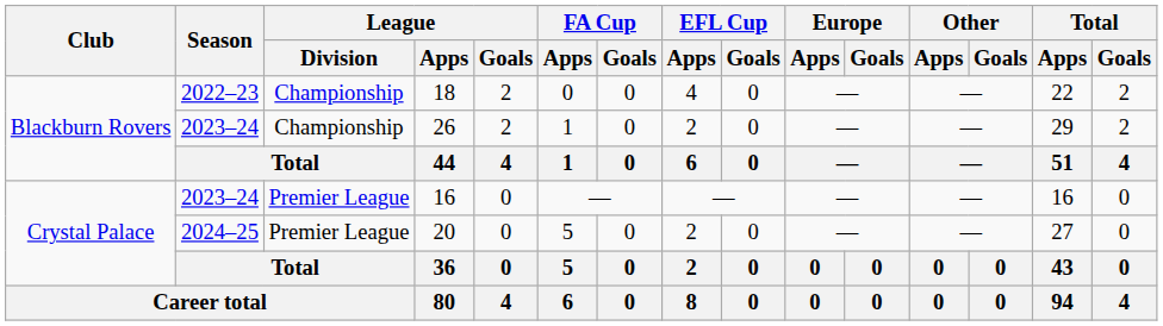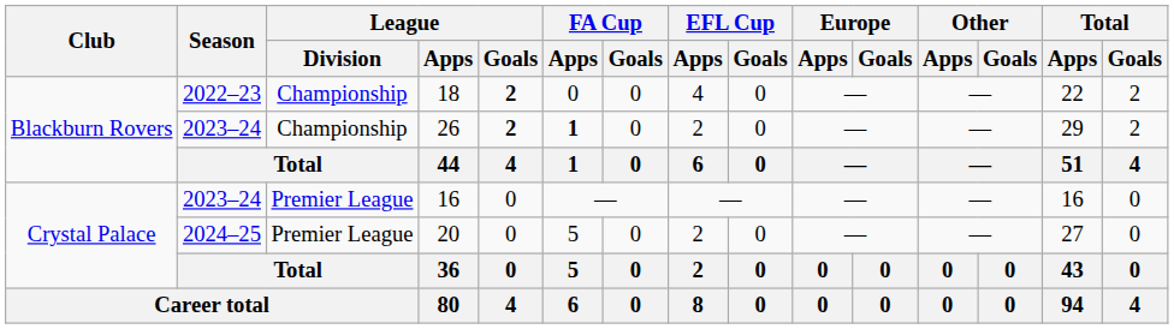 <table class="wikitable" style="text-align:center">
 <tr>
 <th rowspan="2">Club</th>
 <th rowspan="2">Season</th>
 <th colspan="3">League</th>
 <th colspan="2"><a href='#'>FA Cup</a></th>
 <th colspan="2"><a href='#'>EFL Cup</a></th>
 <th colspan="2">Europe</th>
 <th colspan="2">Other</th>
 <th colspan="2">Total</th>
 </tr>
 <tr>
 <th>Division</th>
 <th>Apps</th>
 <th>Goals</th>
 <th>Apps</th>
 <th>Goals</th>
 <th>Apps</th>
 <th>Goals</th>
 <th>Apps</th>
 <th>Goals</th>
 <th>Apps</th>
 <th>Goals</th>
 <th>Apps</th>
 <th>Goals</th>
 </tr>
 <tr>
 <td rowspan="3"><a href='#'>Blackburn Rovers</a></td>
 <td><a href='#'>2022–23</a></td>
 <td><a href='#'>Championship</a></td>
 <td>18</td>
-<td>2</td>
+<td><strong>2</strong></td>
 <td>0</td>
 <td>0</td>
 <td>4</td>
 <td>0</td>
 <td colspan="2">—</td>
 <td colspan="2">—</td>
 <td>22</td>
 <td>2</td>
 </tr>
 <tr>
 <td><a href='#'>2023–24</a></td>
 <td>Championship</td>
 <td>26</td>
-<td>2</td>
-<td>1</td>
+<td><strong>2</strong></td>
+<td><strong>1</strong></td>
 <td>0</td>
 <td>2</td>
 <td>0</td>
 <td colspan="2">—</td>
 <td colspan="2">—</td>
 <td>29</td>
 <td>2</td>
 </tr>
 <tr>
 <th colspan="2">Total</th>
 <th>44</th>
 <th>4</th>
 <th>1</th>
 <th>0</th>
 <th>6</th>
 <th>0</th>
 <th colspan="2">—</th>
 <th colspan="2">—</th>
 <th>51</th>
 <th>4</th>
 </tr>
 <tr>
 <td rowspan="3"><a href='#'>Crystal Palace</a></td>
 <td><a href='#'>2023–24</a></td>
 <td><a href='#'>Premier League</a></td>
 <td>16</td>
 <td>0</td>
 <td colspan="2">—</td>
 <td colspan="2">—</td>
 <td colspan="2">—</td>
 <td colspan="2">—</td>
 <td>16</td>
 <td>0</td>
 </tr>
 <tr>
 <td><a href='#'>2024–25</a></td>
 <td>Premier League</td>
 <td>20</td>
 <td>0</td>
 <td>5</td>
 <td>0</td>
 <td>2</td>
 <td>0</td>
 <td colspan="2">—</td>
 <td colspan="2">—</td>
 <td>27</td>
 <td>0</td>
 </tr>
 <tr>
 <th colspan="2">Total</th>
 <th>36</th>
 <th>0</th>
 <th>5</th>
 <th>0</th>
 <th>2</th>
 <th>0</th>
 <th>0</th>
 <th>0</th>
 <th>0</th>
 <th>0</th>
 <th>43</th>
 <th>0</th>
 </tr>
 <tr>
 <th colspan="3">Career total</th>
 <th>80</th>
 <th>4</th>
 <th>6</th>
 <th>0</th>
 <th>8</th>
 <th>0</th>
 <th>0</th>
 <th>0</th>
 <th>0</th>
 <th>0</th>
 <th>94</th>
 <th>4</th>
 </tr>
 </table>
